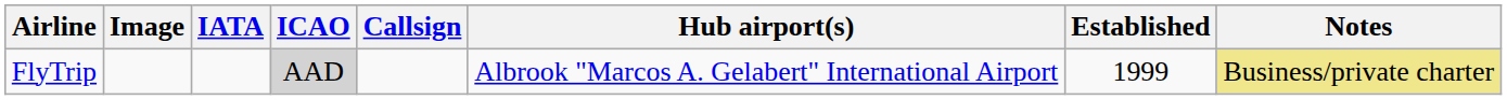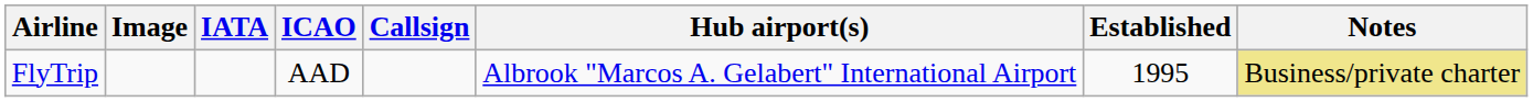 <table class="wikitable sortable" style="border:0; cellpadding:2; cellspacing:3; text-align:center; width:10m">
 <tr valign="middle">
 <th>Airline</th>
 <th>Image</th>
 <th><a href='#'>IATA</a></th>
 <th><a href='#'>ICAO</a></th>
 <th><a href='#'>Callsign</a></th>
 <th>Hub airport(s)</th>
 <th>Established</th>
 <th class="unsortable">Notes</th>
 </tr>
 <tr>
 <td><a href='#'>FlyTrip</a></td>
 <td></td>
 <td></td>
-<td style="background: lightgrey;">AAD</td>
+<td>AAD</td>
 <td></td>
 <td><a href='#'>Albrook "Marcos A. Gelabert" International Airport</a></td>
-<td>1999</td>
+<td>1995</td>
 <td style="background: khaki;">Business/private charter</td>
 </tr>
 <tr>
 </tr>
 </table>
